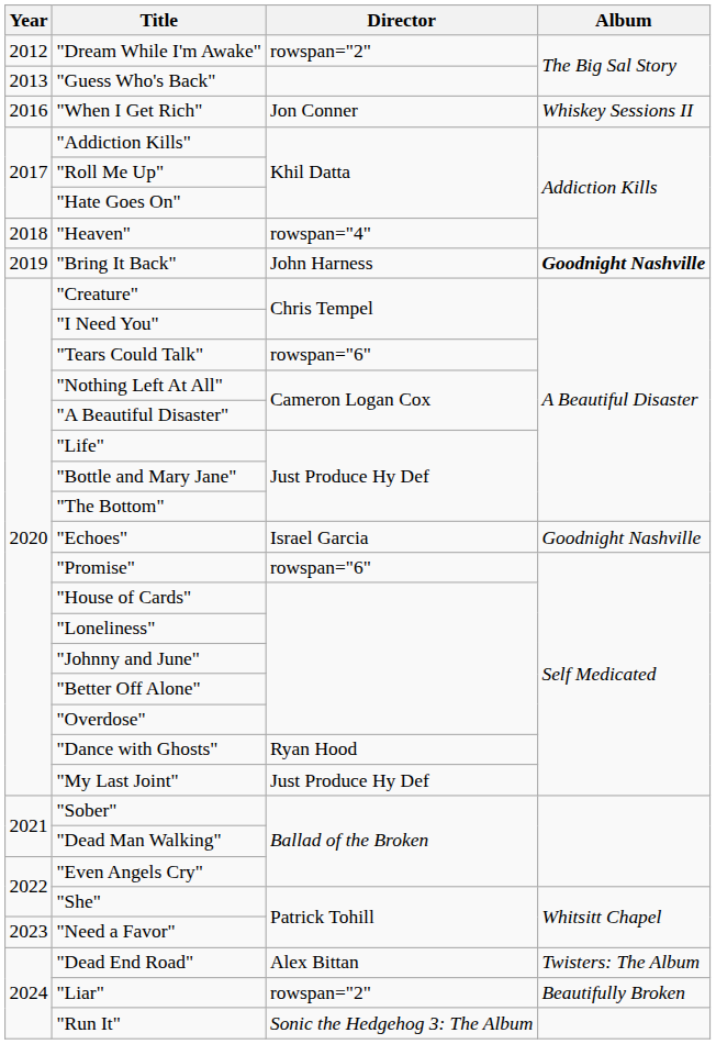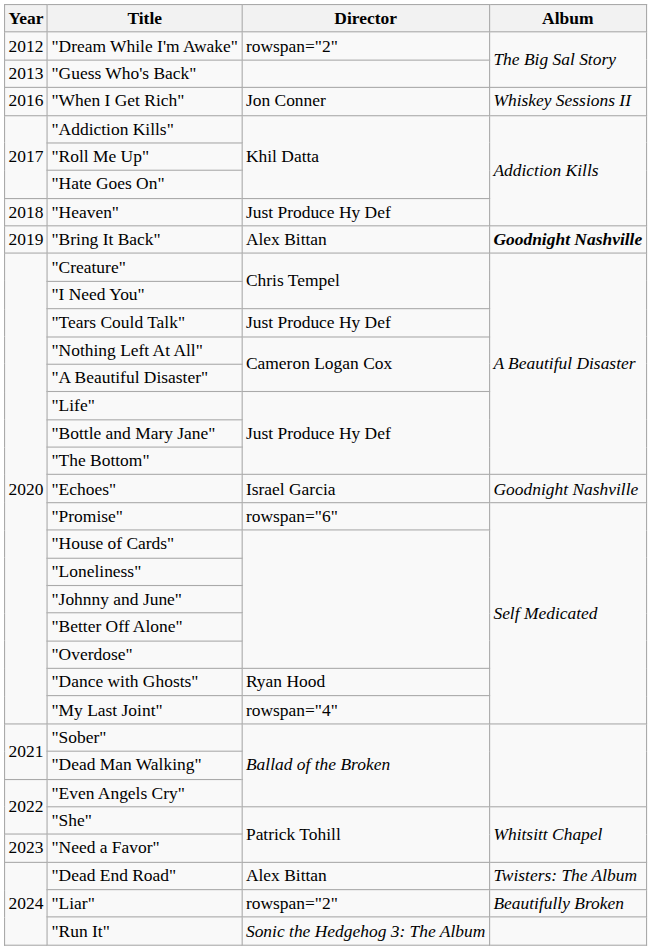 <table class="wikitable">
 <tr>
 <th scope="col">Year</th>
 <th scope="col">Title</th>
 <th scope="col">Director</th>
 <th scope="col">Album</th>
 </tr>
 <tr>
 <td>2012</td>
 <td>"Dream While I'm Awake"</td>
 <td>rowspan="2" </td>
 <td rowspan="2"><em>The Big Sal Story</em></td>
 </tr>
 <tr>
 <td>2013</td>
 <td>"Guess Who's Back"</td>
 </tr>
 <tr>
 <td>2016</td>
 <td>"When I Get Rich"</td>
 <td>Jon Conner</td>
 <td><em>Whiskey Sessions II</em></td>
 </tr>
 <tr>
 <td rowspan="3">2017</td>
 <td>"Addiction Kills"</td>
 <td rowspan="3">Khil Datta</td>
 <td rowspan="4"><em>Addiction Kills</em></td>
 </tr>
 <tr>
 <td>"Roll Me Up"</td>
 </tr>
 <tr>
 <td>"Hate Goes On"</td>
 </tr>
 <tr>
 <td>2018</td>
 <td>"Heaven"</td>
-<td>rowspan="4" </td>
+<td>Just Produce Hy Def</td>
 </tr>
 <tr>
 <td>2019</td>
 <td>"Bring It Back"</td>
-<td>John Harness</td>
+<td>Alex Bittan</td>
 <td><strong><em>Goodnight Nashville</em></strong></td>
 </tr>
 <tr>
 <td rowspan="17">2020</td>
 <td>"Creature"</td>
 <td rowspan="2">Chris Tempel</td>
 <td rowspan="8"><em>A Beautiful Disaster</em></td>
 </tr>
 <tr>
 <td>"I Need You"</td>
 </tr>
 <tr>
 <td>"Tears Could Talk"</td>
-<td>rowspan="6" </td>
+<td>Just Produce Hy Def</td>
 </tr>
 <tr>
 <td>"Nothing Left At All"</td>
 <td rowspan="2">Cameron Logan Cox</td>
 </tr>
 <tr>
 <td>"A Beautiful Disaster"</td>
 </tr>
 <tr>
 <td>"Life"</td>
 <td rowspan="3">Just Produce Hy Def</td>
 </tr>
 <tr>
 <td>"Bottle and Mary Jane"</td>
 </tr>
 <tr>
 <td>"The Bottom"</td>
 </tr>
 <tr>
 <td>"Echoes"</td>
 <td>Israel Garcia</td>
 <td><em>Goodnight Nashville</em></td>
 </tr>
 <tr>
 <td>"Promise"</td>
 <td>rowspan="6" </td>
 <td rowspan="8"><em>Self Medicated</em></td>
 </tr>
 <tr>
 <td>"House of Cards"</td>
 </tr>
 <tr>
 <td>"Loneliness"</td>
 </tr>
 <tr>
 <td>"Johnny and June"</td>
 </tr>
 <tr>
 <td>"Better Off Alone"</td>
 </tr>
 <tr>
 <td>"Overdose"</td>
 </tr>
 <tr>
 <td>"Dance with Ghosts"</td>
 <td>Ryan Hood</td>
 </tr>
 <tr>
 <td>"My Last Joint"</td>
-<td>Just Produce Hy Def</td>
+<td>rowspan="4" </td>
 </tr>
 <tr>
 <td rowspan="2">2021</td>
 <td>"Sober"</td>
 <td rowspan="3"><em>Ballad of the Broken</em></td>
 </tr>
 <tr>
 <td>"Dead Man Walking"</td>
 </tr>
 <tr>
 <td rowspan="2">2022</td>
 <td>"Even Angels Cry"</td>
 </tr>
 <tr>
 <td>"She"</td>
 <td rowspan="2">Patrick Tohill</td>
 <td rowspan="2"><em>Whitsitt Chapel</em></td>
 </tr>
 <tr>
 <td>2023</td>
 <td>"Need a Favor"</td>
 </tr>
 <tr>
 <td rowspan="3">2024</td>
 <td>"Dead End Road"</td>
 <td>Alex Bittan</td>
 <td><em>Twisters: The Album</em></td>
 </tr>
 <tr>
 <td>"Liar"</td>
 <td>rowspan="2" </td>
 <td><em>Beautifully Broken</em></td>
 </tr>
 <tr>
 <td>"Run It"</td>
 <td><em>Sonic the Hedgehog 3: The Album</em></td>
 </tr>
 </table>
